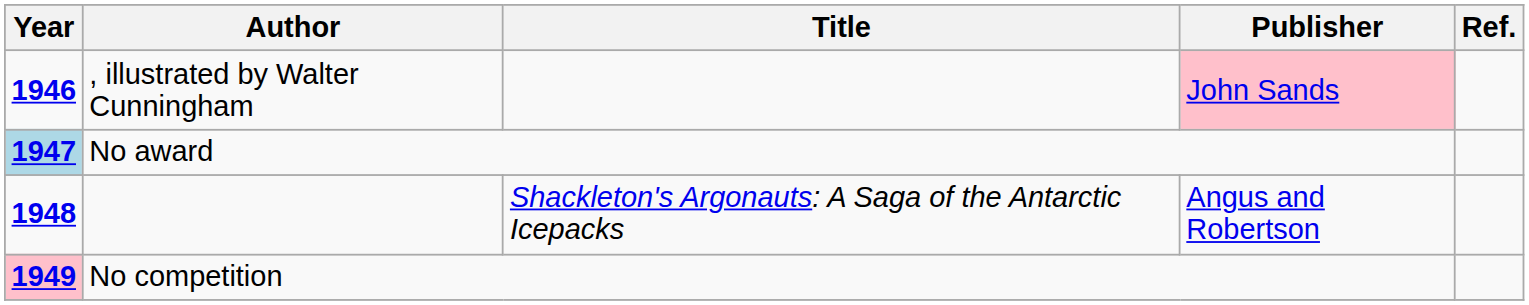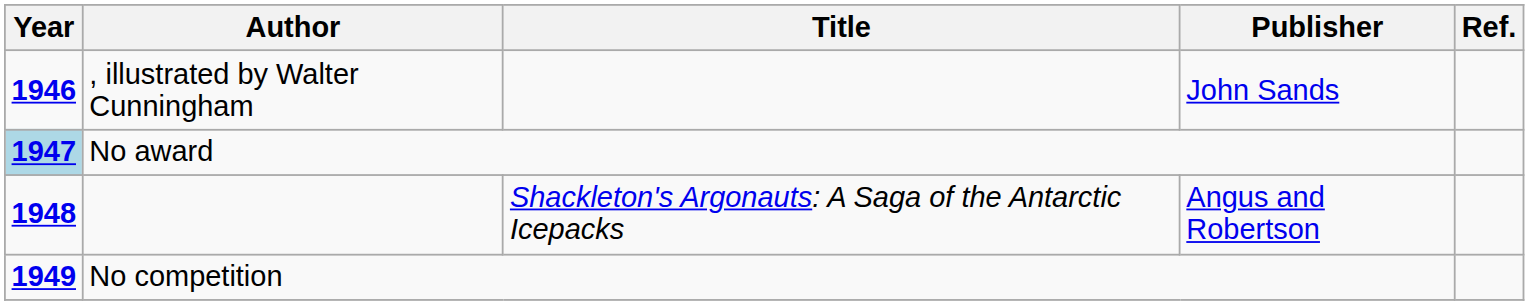 <table class="wikitable sortable mw-collapsible" width="95%">
 <tr>
 <th>Year</th>
 <th>Author</th>
 <th>Title</th>
 <th>Publisher</th>
 <th>Ref.</th>
 </tr>
 <tr>
 <td><strong><a href='#'>1946</a></strong></td>
 <td>, illustrated by Walter Cunningham</td>
 <td><em></em></td>
-<td style="background: pink;"><a href='#'>John Sands</a></td>
+<td><a href='#'>John Sands</a></td>
 <td></td>
 </tr>
 <tr>
 <td style="background: lightblue;"><strong><a href='#'>1947</a></strong></td>
 <td colspan="3">No award</td>
 <td></td>
 </tr>
 <tr>
 <td><strong><a href='#'>1948</a></strong></td>
 <td></td>
 <td><em><a href='#'>Shackleton's Argonauts</a>: A Saga of the Antarctic Icepacks</em></td>
 <td><a href='#'>Angus and Robertson</a></td>
 <td></td>
 </tr>
 <tr>
-<td style="background: pink;"><strong><a href='#'>1949</a></strong></td>
+<td><strong><a href='#'>1949</a></strong></td>
 <td colspan="3">No competition</td>
 <td></td>
 </tr>
 </table>
